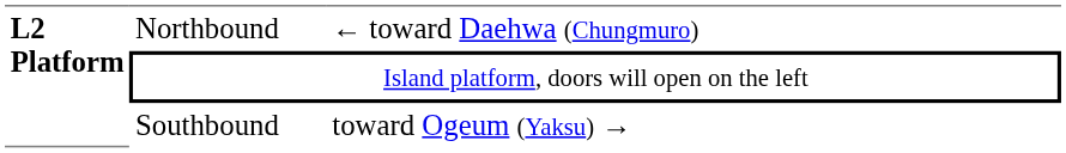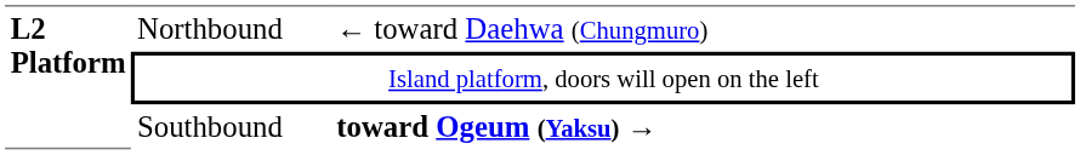 <table table border=0 cellspacing=0 cellpadding=3>
 <tr>
 <td style="border-top:solid 1px gray;border-bottom:solid 1px gray;" width=50 rowspan=10 valign=top><strong>L2<br>Platform</strong></td>
 <td style="border-bottom:solid 0px gray;border-top:solid 1px gray;" width=100>Northbound</td>
 <td style="border-bottom:solid 0px gray;border-top:solid 1px gray;" width=390>←  toward <a href='#'>Daehwa</a> <small>(<a href='#'>Chungmuro</a>)</small></td>
 </tr>
 <tr>
 <td style="border-top:solid 2px black;border-right:solid 2px black;border-left:solid 2px black;border-bottom:solid 2px black;text-align:center;" colspan=2><small><a href='#'>Island platform</a>, doors will open on the left</small></td>
 </tr>
 <tr>
 <td>Southbound</td>
-<td>  toward <a href='#'>Ogeum</a> <small>(<a href='#'>Yaksu</a>)</small> →</td>
+<td><strong>  toward <a href='#'>Ogeum</a> <small>(<a href='#'>Yaksu</a>)</small> →</strong></td>
 </tr>
 </table>
